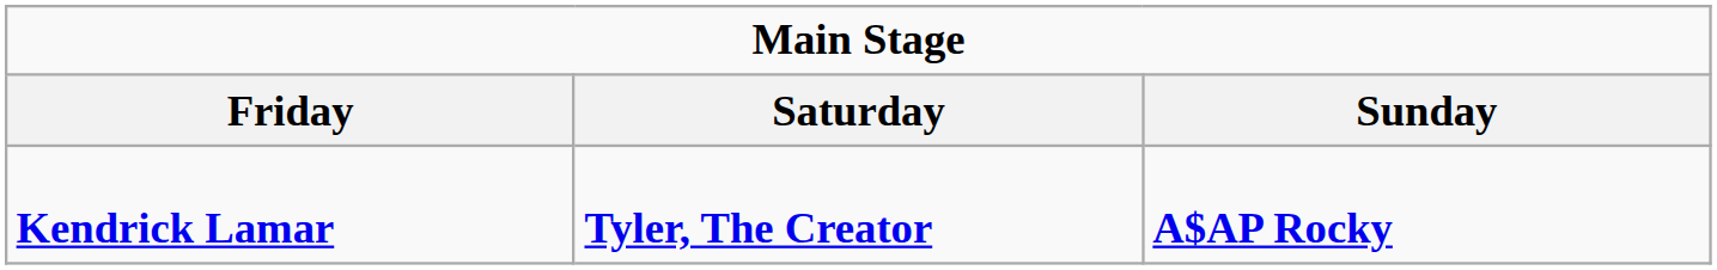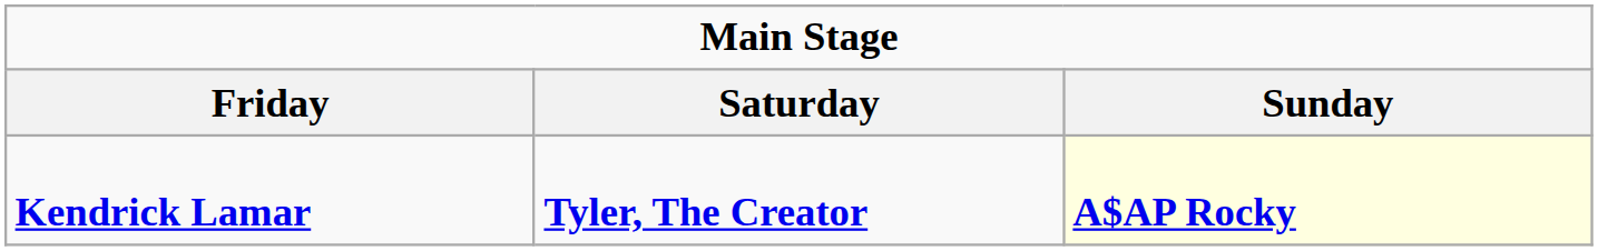 <table class="wikitable">
 <tr>
 <td colspan="3" style="text-align:center;"><strong>Main Stage</strong></td>
 </tr>
 <tr>
 <th>Friday</th>
 <th>Saturday</th>
 <th>Sunday</th>
 </tr>
 <tr>
 <td style="text-align:left; vertical-align:top; width:200px;"><br><strong><a href='#'>Kendrick Lamar</a></strong></td>
 <td style="text-align:left; vertical-align:top; width:200px;"><br><strong><a href='#'>Tyler, The Creator</a></strong></td>
-<td style="text-align:left; vertical-align:top; width:200px;"><br><strong><a href='#'>A$AP Rocky</a></strong></td>
+<td style="background: lightyellow; text-align:left; vertical-align:top; width:200px;"><br><strong><a href='#'>A$AP Rocky</a></strong></td>
 </tr>
 </table>
